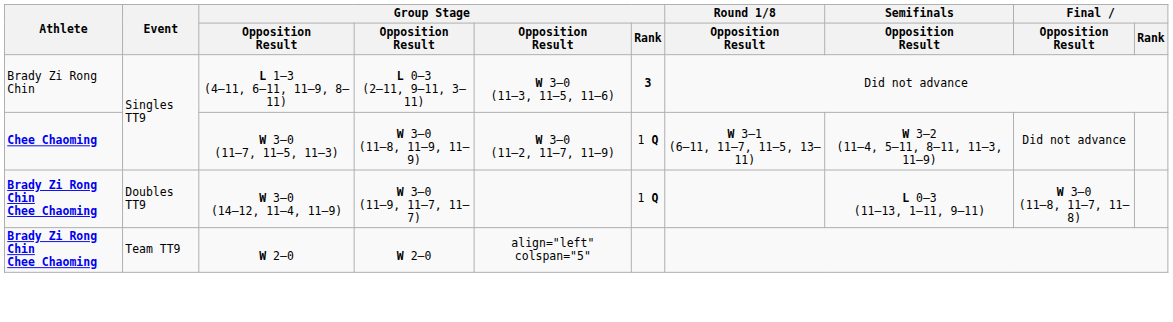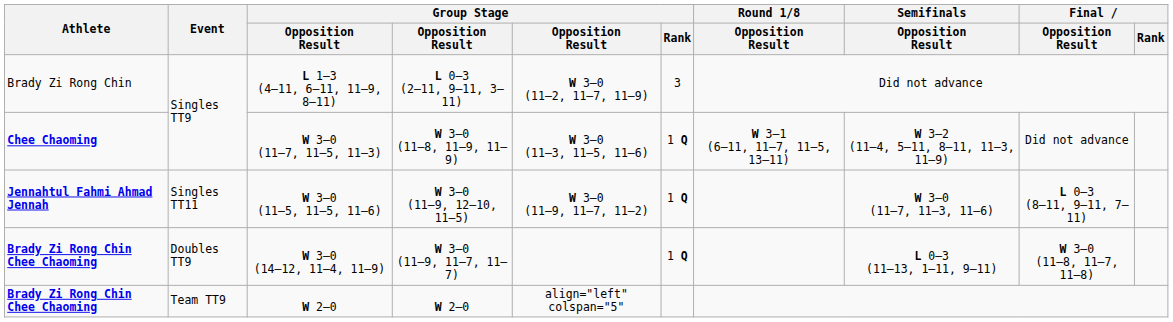 <table class=wikitable style="font-size:95%">
 <tr>
 <th rowspan="2">Athlete</th>
 <th rowspan="2">Event</th>
 <th colspan="4">Group Stage</th>
 <th>Round 1/8</th>
 <th>Semifinals</th>
 <th colspan="2">Final / </th>
 </tr>
 <tr>
 <th>Opposition<br>Result</th>
 <th>Opposition<br>Result</th>
 <th>Opposition<br>Result</th>
 <th>Rank</th>
 <th>Opposition<br>Result</th>
 <th>Opposition<br>Result</th>
 <th>Opposition<br>Result</th>
 <th>Rank</th>
 </tr>
 <tr align=center>
 <td align=left>Brady Zi Rong Chin</td>
 <td align=left rowspan=2>Singles TT9</td>
 <td><br><strong>L</strong> 1–3<br>(4–11, 6–11, 11–9, 8–11)</td>
 <td><br><strong>L</strong> 0–3<br>(2–11, 9–11, 3–11)</td>
-<td><br><strong>W</strong> 3–0<br>(11–3, 11–5, 11–6)</td>
-<td><strong>3</strong></td>
+<td><br><strong>W</strong> 3–0<br>(11–2, 11–7, 11–9)</td>
+<td>3</td>
 <td colspan="4">Did not advance</td>
 </tr>
 <tr align=center>
 <td align=left><strong><a href='#'>Chee Chaoming</a></strong></td>
 <td><br><strong>W</strong> 3–0<br>(11–7, 11–5, 11–3)</td>
 <td><br><strong>W</strong> 3–0<br>(11–8, 11–9, 11–9)</td>
-<td><br><strong>W</strong> 3–0<br>(11–2, 11–7, 11–9)</td>
+<td><br><strong>W</strong> 3–0<br>(11–3, 11–5, 11–6)</td>
 <td>1 <strong>Q</strong></td>
 <td><br><strong>W</strong> 3–1<br>(6–11, 11–7, 11–5, 13–11)</td>
 <td><br><strong>W</strong> 3–2<br>(11–4, 5–11, 8–11, 11–3, 11–9)</td>
 <td>Did not advance</td>
+<td></td>
+</tr>
+<tr align=center>
+<td align=left><strong><a href='#'>Jennahtul Fahmi Ahmad Jennah</a></strong></td>
+<td align=left>Singles TT11</td>
+<td><br><strong>W</strong> 3–0<br>(11–5, 11–5, 11–6)</td>
+<td><br><strong>W</strong> 3–0<br>(11–9, 12–10, 11–5)</td>
+<td><br><strong>W</strong> 3–0<br>(11–9, 11–7, 11–2)</td>
+<td>1 <strong>Q</strong></td>
+<td></td>
+<td><br><strong>W</strong> 3–0<br>(11–7, 11–3, 11–6)</td>
+<td><br><strong>L</strong> 0–3<br>(8–11, 9–11, 7–11)</td>
 <td></td>
 </tr>
 <tr align=center>
 <td align=left><strong><a href='#'>Brady Zi Rong Chin</a><br><a href='#'>Chee Chaoming</a></strong></td>
 <td align=left>Doubles TT9</td>
 <td><br><strong>W</strong> 3–0<br>(14–12, 11–4, 11–9)</td>
 <td><br><strong>W</strong> 3–0<br>(11–9, 11–7, 11–7)</td>
 <td></td>
 <td>1 <strong>Q</strong></td>
 <td></td>
 <td><br><strong>L</strong> 0–3<br>(11–13, 1–11, 9–11)</td>
 <td><br><strong>W</strong> 3–0<br>(11–8, 11–7, 11–8)</td>
 <td></td>
 </tr>
 <tr align=center>
 <td align=left><strong><a href='#'>Brady Zi Rong Chin</a><br><a href='#'>Chee Chaoming</a></strong></td>
 <td align=left>Team TT9</td>
 <td><br><strong>W</strong> 2–0</td>
 <td><br><strong>W</strong> 2–0</td>
 <td>align="left" colspan="5" </td>
 <td></td>
 </tr>
 </table>
